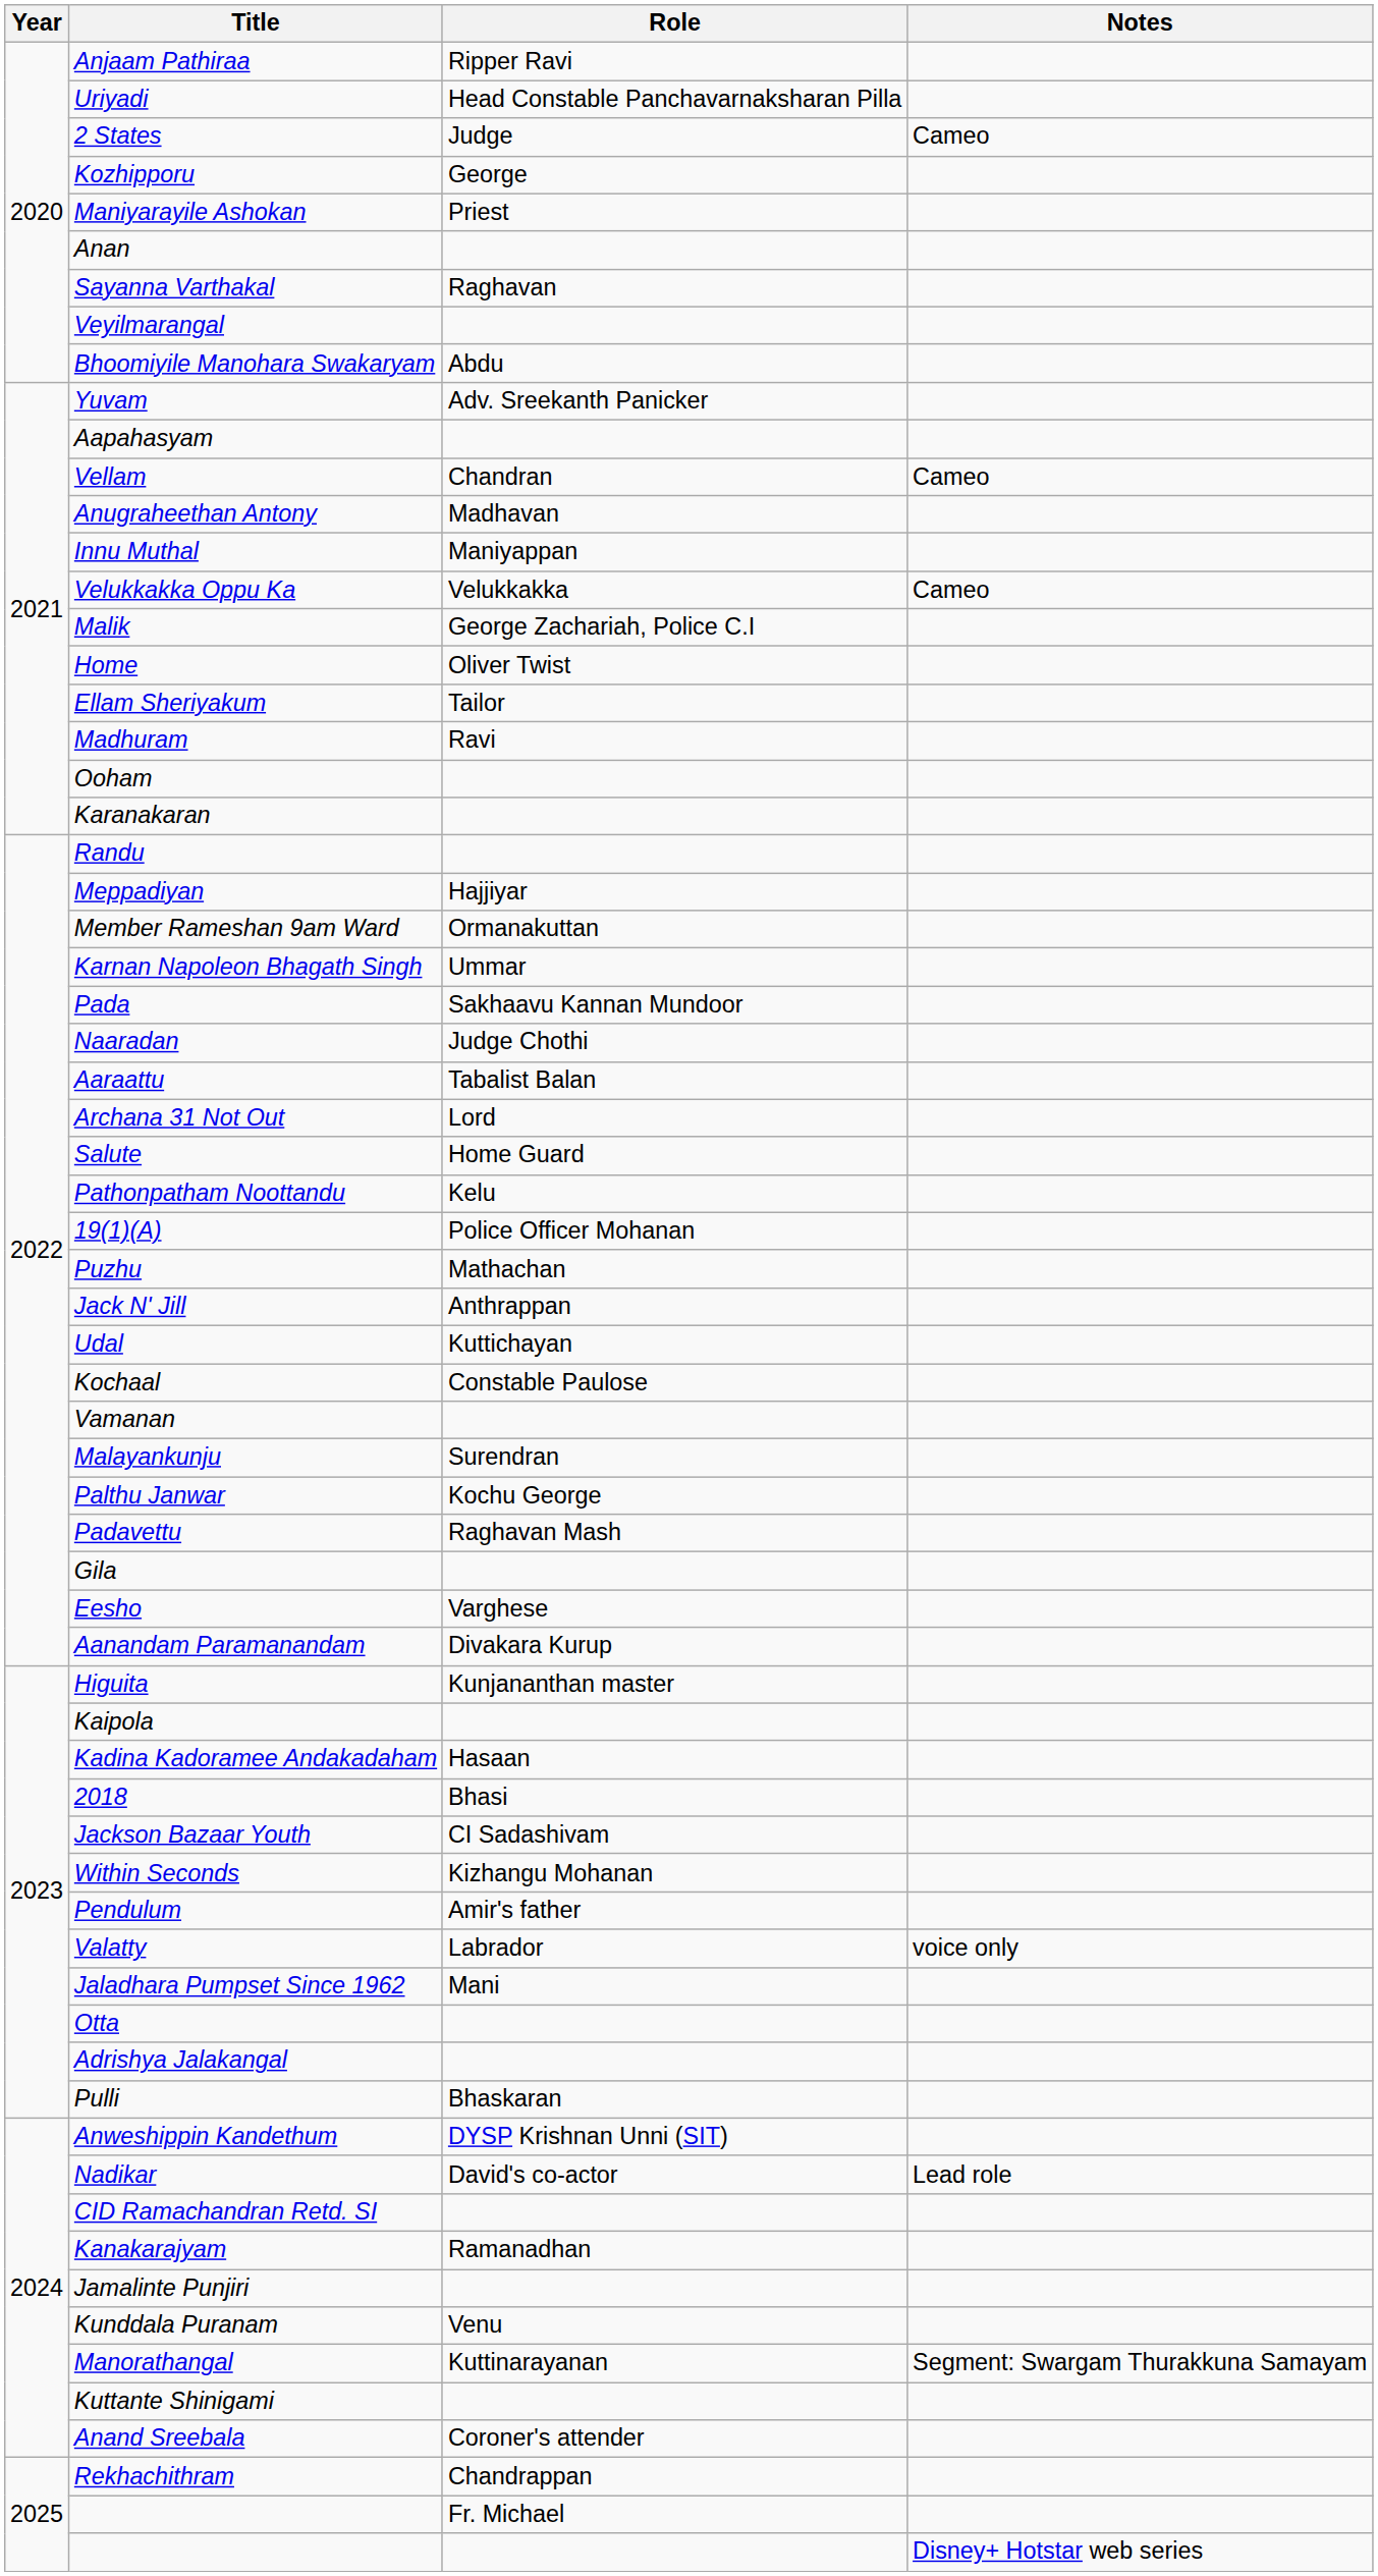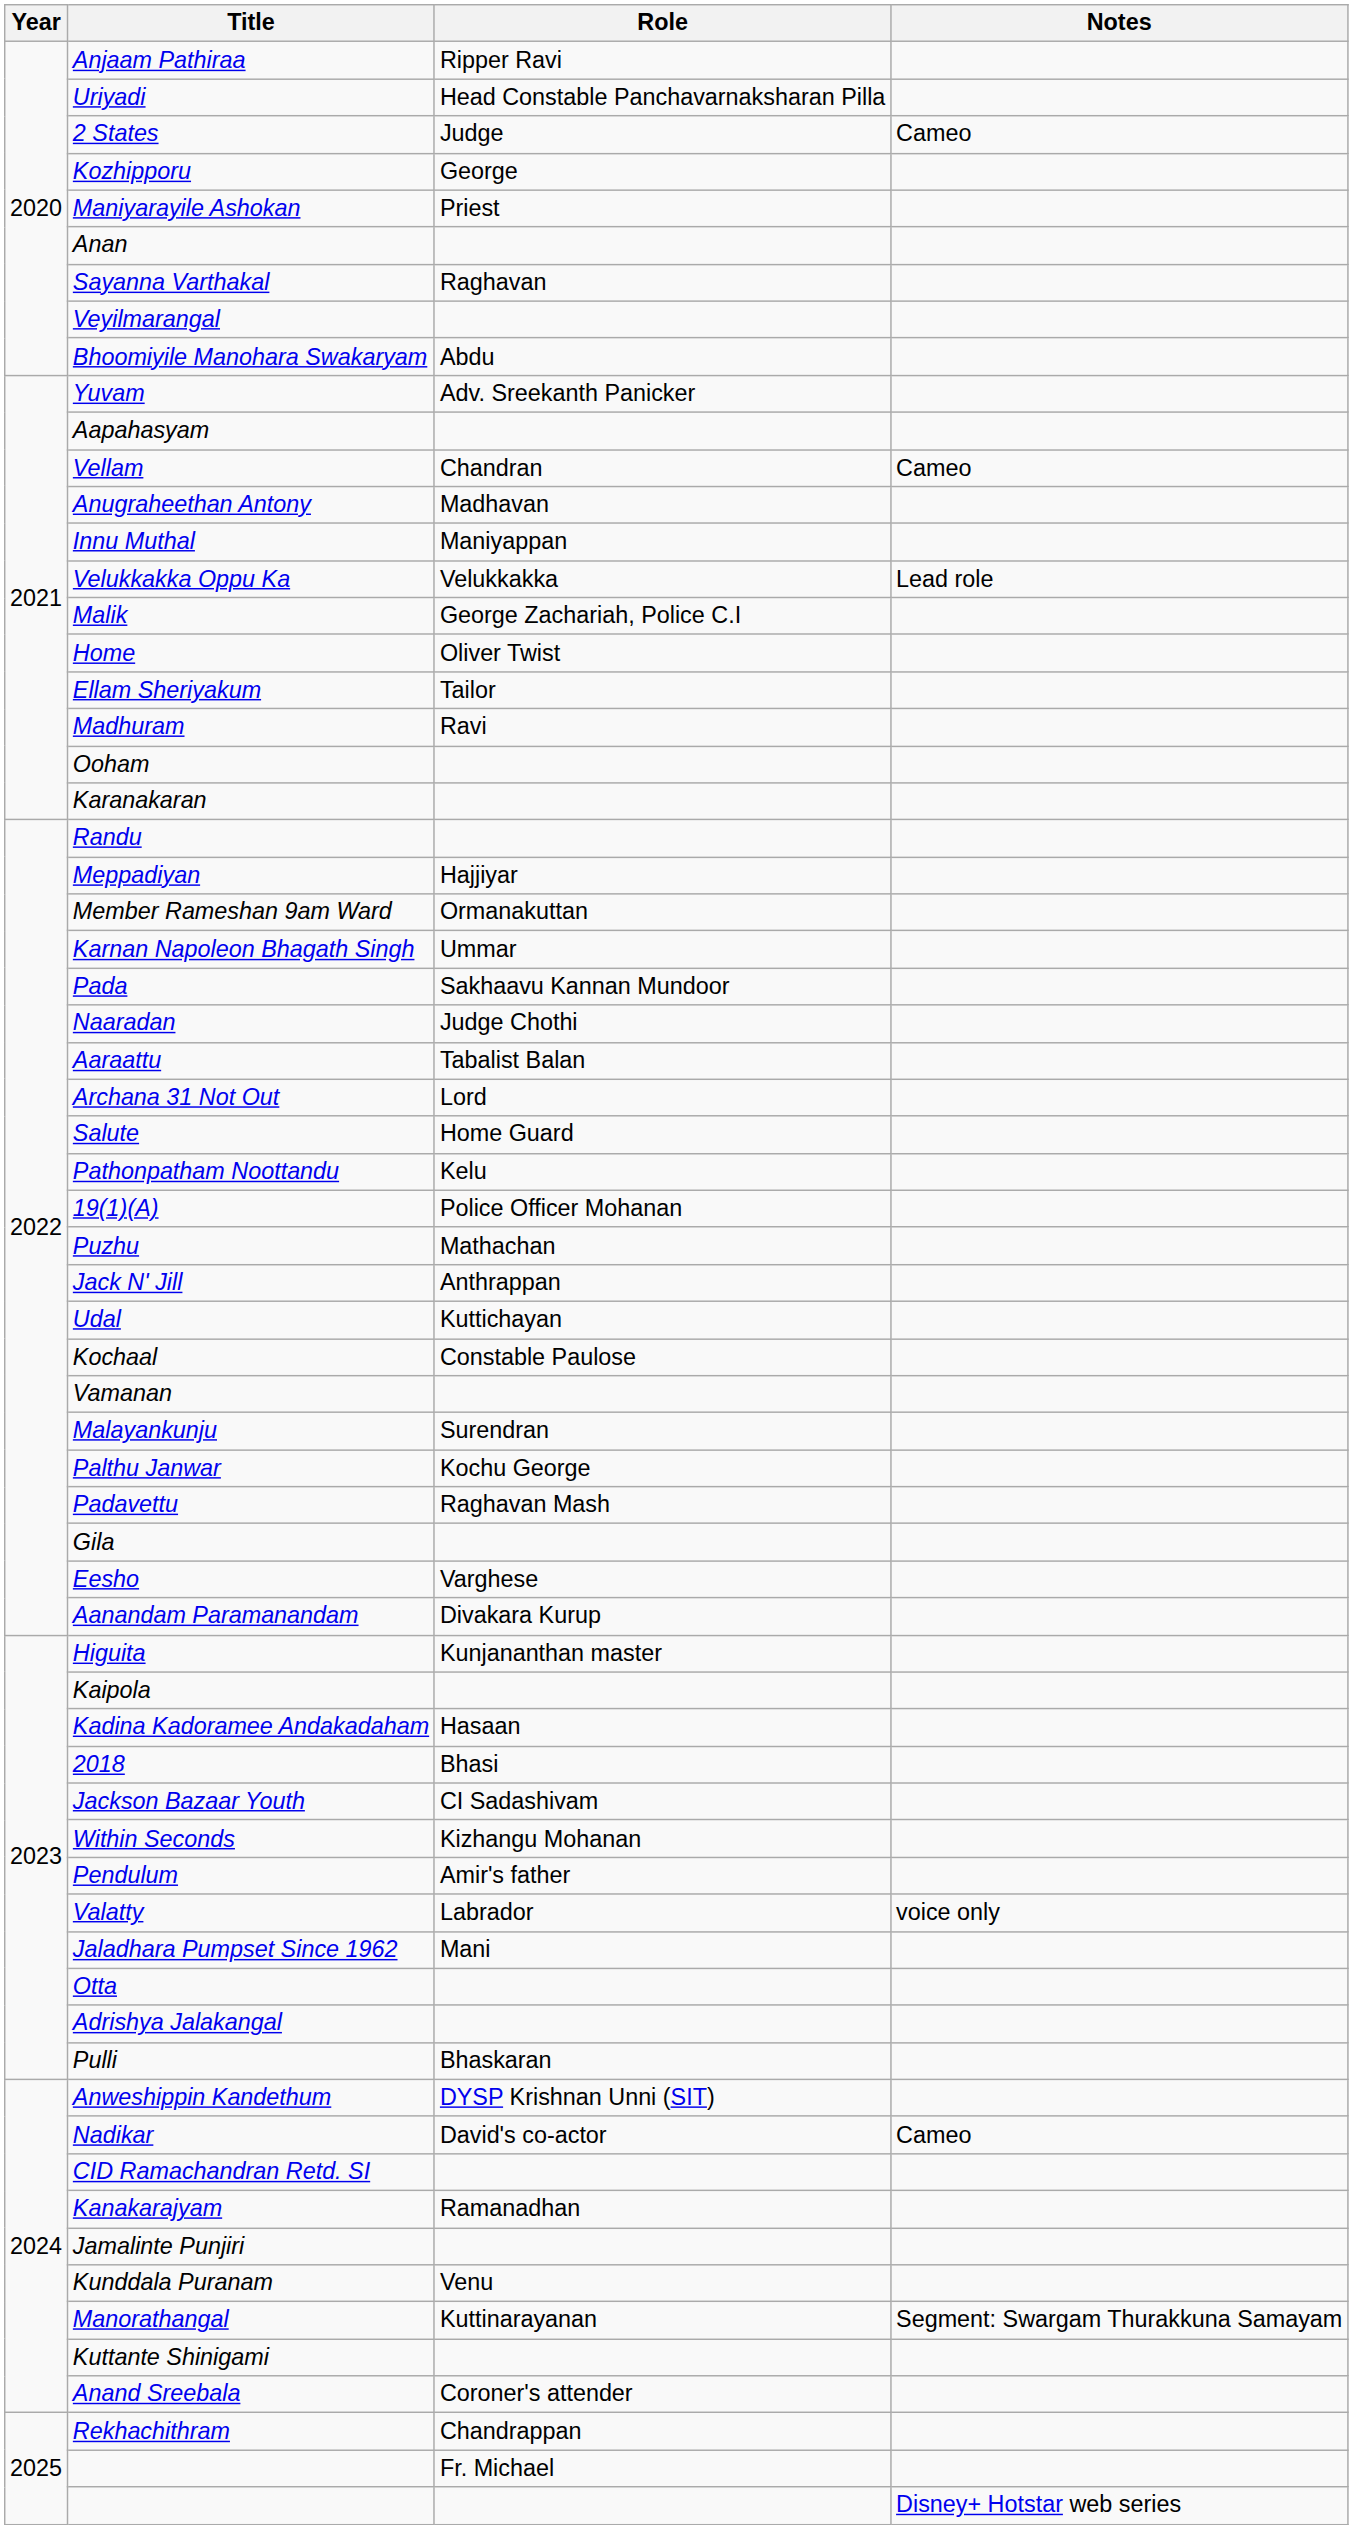 <table class="wikitable sortable">
 <tr>
 <th>Year</th>
 <th>Title</th>
 <th>Role</th>
 <th class="unsortable">Notes</th>
 </tr>
 <tr>
 <td rowspan=9>2020</td>
 <td><em><a href='#'>Anjaam Pathiraa</a></em></td>
 <td>Ripper Ravi</td>
 <td></td>
 </tr>
 <tr>
 <td><em><a href='#'>Uriyadi</a></em></td>
 <td>Head Constable Panchavarnaksharan Pilla</td>
 <td></td>
 </tr>
 <tr>
 <td><em><a href='#'>2 States</a></em></td>
 <td>Judge</td>
 <td>Cameo</td>
 </tr>
 <tr>
 <td><em><a href='#'>Kozhipporu</a></em></td>
 <td>George</td>
 <td></td>
 </tr>
 <tr>
 <td><em><a href='#'>Maniyarayile Ashokan</a></em></td>
 <td>Priest</td>
 <td></td>
 </tr>
 <tr>
 <td><em>Anan</em></td>
 <td></td>
 <td></td>
 </tr>
 <tr>
 <td><em><a href='#'>Sayanna Varthakal</a></em></td>
 <td>Raghavan</td>
 <td></td>
 </tr>
 <tr>
 <td><em><a href='#'>Veyilmarangal </a></em></td>
 <td></td>
 <td></td>
 </tr>
 <tr>
 <td><em><a href='#'>Bhoomiyile Manohara Swakaryam</a></em></td>
 <td>Abdu</td>
 <td></td>
 </tr>
 <tr>
 <td rowspan=12>2021</td>
 <td><em><a href='#'>Yuvam</a></em></td>
 <td>Adv. Sreekanth Panicker</td>
 <td></td>
 </tr>
 <tr>
 <td><em>Aapahasyam</em></td>
 <td></td>
 <td></td>
 </tr>
 <tr>
 <td><em><a href='#'>Vellam</a></em></td>
 <td>Chandran</td>
 <td>Cameo</td>
 </tr>
 <tr>
 <td><em><a href='#'>Anugraheethan Antony</a></em></td>
 <td>Madhavan</td>
 <td></td>
 </tr>
 <tr>
 <td><em><a href='#'>Innu Muthal</a></em></td>
 <td>Maniyappan</td>
 <td></td>
 </tr>
 <tr>
 <td><em><a href='#'>Velukkakka Oppu Ka</a></em></td>
 <td>Velukkakka</td>
-<td>Cameo</td>
+<td>Lead role</td>
 </tr>
 <tr>
 <td><em><a href='#'>Malik</a></em></td>
 <td>George Zachariah, Police C.I</td>
 <td></td>
 </tr>
 <tr>
 <td><em><a href='#'>Home</a></em></td>
 <td>Oliver Twist</td>
 <td></td>
 </tr>
 <tr>
 <td><em><a href='#'>Ellam Sheriyakum</a></em></td>
 <td>Tailor</td>
 <td></td>
 </tr>
 <tr>
 <td><em><a href='#'>Madhuram</a></em></td>
 <td>Ravi</td>
 <td></td>
 </tr>
 <tr>
 <td><em>Ooham</em></td>
 <td></td>
 <td></td>
 </tr>
 <tr>
 <td><em>Karanakaran</em></td>
 <td></td>
 <td></td>
 </tr>
 <tr>
 <td rowspan=22>2022</td>
 <td><em><a href='#'>Randu</a></em></td>
 <td></td>
 <td></td>
 </tr>
 <tr>
 <td><em><a href='#'>Meppadiyan</a></em></td>
 <td>Hajjiyar</td>
 <td></td>
 </tr>
 <tr>
 <td><em>Member Rameshan 9am Ward</em></td>
 <td>Ormanakuttan</td>
 <td></td>
 </tr>
 <tr>
 <td><em><a href='#'>Karnan Napoleon Bhagath Singh</a></em></td>
 <td>Ummar</td>
 <td></td>
 </tr>
 <tr>
 <td><em><a href='#'>Pada</a></em></td>
 <td>Sakhaavu Kannan Mundoor</td>
 <td></td>
 </tr>
 <tr>
 <td><em><a href='#'>Naaradan</a></em></td>
 <td>Judge Chothi</td>
 <td></td>
 </tr>
 <tr>
 <td><em><a href='#'>Aaraattu</a></em></td>
 <td>Tabalist Balan</td>
 <td></td>
 </tr>
 <tr>
 <td><em><a href='#'>Archana 31 Not Out</a></em></td>
 <td>Lord</td>
 <td></td>
 </tr>
 <tr>
 <td><em><a href='#'>Salute</a></em></td>
 <td>Home Guard</td>
 <td></td>
 </tr>
 <tr>
 <td><em><a href='#'>Pathonpatham Noottandu</a></em></td>
 <td>Kelu</td>
 <td></td>
 </tr>
 <tr>
 <td><em><a href='#'>19(1)(A)</a></em></td>
 <td>Police Officer Mohanan</td>
 <td></td>
 </tr>
 <tr>
 <td><em><a href='#'>Puzhu</a></em></td>
 <td>Mathachan</td>
 <td></td>
 </tr>
 <tr>
 <td><em><a href='#'>Jack N' Jill</a></em></td>
 <td>Anthrappan</td>
 <td></td>
 </tr>
 <tr>
 <td><em><a href='#'>Udal</a></em></td>
 <td>Kuttichayan</td>
 <td></td>
 </tr>
 <tr>
 <td><em>Kochaal</em></td>
 <td>Constable Paulose</td>
 <td></td>
 </tr>
 <tr>
 <td><em>Vamanan</em></td>
 <td></td>
 <td></td>
 </tr>
 <tr>
 <td><em><a href='#'>Malayankunju</a></em></td>
 <td>Surendran</td>
 <td></td>
 </tr>
 <tr>
 <td><em><a href='#'>Palthu Janwar</a></em></td>
 <td>Kochu George</td>
 <td></td>
 </tr>
 <tr>
 <td><em><a href='#'>Padavettu</a></em></td>
 <td>Raghavan Mash</td>
 <td></td>
 </tr>
 <tr>
 <td><em>Gila</em></td>
 <td></td>
 <td></td>
 </tr>
 <tr>
 <td><em><a href='#'>Eesho</a></em></td>
 <td>Varghese</td>
 <td></td>
 </tr>
 <tr>
 <td><em><a href='#'>Aanandam Paramanandam</a></em></td>
 <td>Divakara Kurup</td>
 <td></td>
 </tr>
 <tr>
 <td rowspan=12>2023</td>
 <td><em><a href='#'>Higuita</a></em></td>
 <td>Kunjananthan master</td>
 <td></td>
 </tr>
 <tr>
 <td><em>Kaipola</em></td>
 <td></td>
 <td></td>
 </tr>
 <tr>
 <td><em><a href='#'>Kadina Kadoramee Andakadaham</a></em></td>
 <td>Hasaan</td>
 <td></td>
 </tr>
 <tr>
 <td><em><a href='#'>2018</a></em></td>
 <td>Bhasi</td>
 <td></td>
 </tr>
 <tr>
 <td><em><a href='#'>Jackson Bazaar Youth</a></em></td>
 <td>CI Sadashivam</td>
 <td></td>
 </tr>
 <tr>
 <td><em><a href='#'>Within Seconds</a></em></td>
 <td>Kizhangu Mohanan</td>
 <td></td>
 </tr>
 <tr>
 <td><em><a href='#'>Pendulum</a></em></td>
 <td>Amir's father</td>
 <td></td>
 </tr>
 <tr>
 <td><em><a href='#'>Valatty</a></em></td>
 <td>Labrador</td>
 <td>voice only</td>
 </tr>
 <tr>
 <td><em><a href='#'>Jaladhara Pumpset Since 1962</a></em></td>
 <td>Mani</td>
 <td></td>
 </tr>
 <tr>
 <td><em><a href='#'>Otta</a></em></td>
 <td></td>
 <td></td>
 </tr>
 <tr>
 <td><em><a href='#'>Adrishya Jalakangal</a></em></td>
 <td></td>
 <td></td>
 </tr>
 <tr>
 <td><em>Pulli</em></td>
 <td>Bhaskaran</td>
 <td></td>
 </tr>
 <tr>
 <td rowspan=9>2024</td>
 <td><em><a href='#'>Anweshippin Kandethum</a></em></td>
 <td><a href='#'>DYSP</a> Krishnan Unni (<a href='#'>SIT</a>)</td>
 <td></td>
 </tr>
 <tr>
 <td><em><a href='#'>Nadikar</a></em></td>
 <td>David's co-actor</td>
-<td>Lead role</td>
+<td>Cameo</td>
 </tr>
 <tr>
 <td><em><a href='#'>CID Ramachandran Retd. SI</a></em></td>
 <td></td>
 <td></td>
 </tr>
 <tr>
 <td><em><a href='#'>Kanakarajyam</a></em></td>
 <td>Ramanadhan</td>
 <td></td>
 </tr>
 <tr>
 <td><em>Jamalinte Punjiri</em></td>
 <td></td>
 <td></td>
 </tr>
 <tr>
 <td><em>Kunddala Puranam</em></td>
 <td>Venu</td>
 <td></td>
 </tr>
 <tr>
 <td><em><a href='#'>Manorathangal</a></em></td>
 <td>Kuttinarayanan</td>
 <td>Segment: Swargam Thurakkuna Samayam</td>
 </tr>
 <tr>
 <td><em>Kuttante Shinigami</em></td>
 <td></td>
 <td></td>
 </tr>
 <tr>
 <td><em><a href='#'>Anand Sreebala</a></em></td>
 <td>Coroner's attender</td>
 <td></td>
 </tr>
 <tr>
 <td rowspan=3>2025</td>
 <td><em><a href='#'>Rekhachithram</a></em></td>
 <td>Chandrappan</td>
 <td></td>
 </tr>
 <tr>
 <td></td>
 <td>Fr. Michael</td>
 <td></td>
 </tr>
 <tr>
 <td></td>
 <td></td>
 <td><a href='#'>Disney+ Hotstar</a> web series</td>
 </tr>
 </table>
